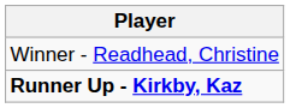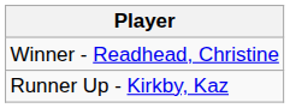 <table class="wikitable">
 <tr>
 <th>Player</th>
 </tr>
 <tr>
 <td> Winner - <a href='#'>Readhead, Christine</a></td>
 </tr>
 <tr>
-<td><strong> Runner Up - <a href='#'>Kirkby, Kaz</a></strong></td>
+<td> Runner Up - <a href='#'>Kirkby, Kaz</a></td>
 </tr>
 </table>
